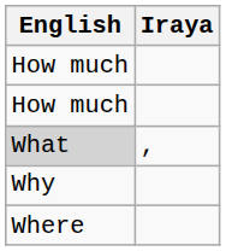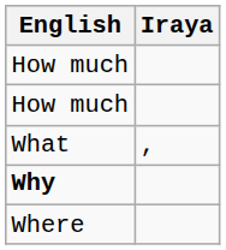 <table class="wikitable">
 <tr>
 <th>English</th>
 <th>Iraya</th>
 </tr>
 <tr>
 <td>How much</td>
 <td></td>
 </tr>
 <tr>
 <td>How much</td>
 <td></td>
 </tr>
 <tr>
-<td style="background: lightgrey;">What</td>
+<td>What</td>
 <td>, </td>
 </tr>
 <tr>
-<td>Why</td>
+<td><strong>Why</strong></td>
 <td></td>
 </tr>
 <tr>
 <td>Where</td>
 <td></td>
 </tr>
 </table>
